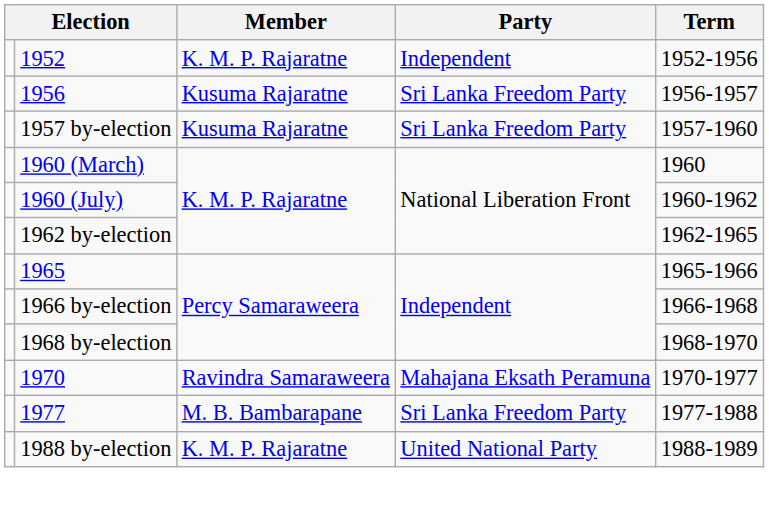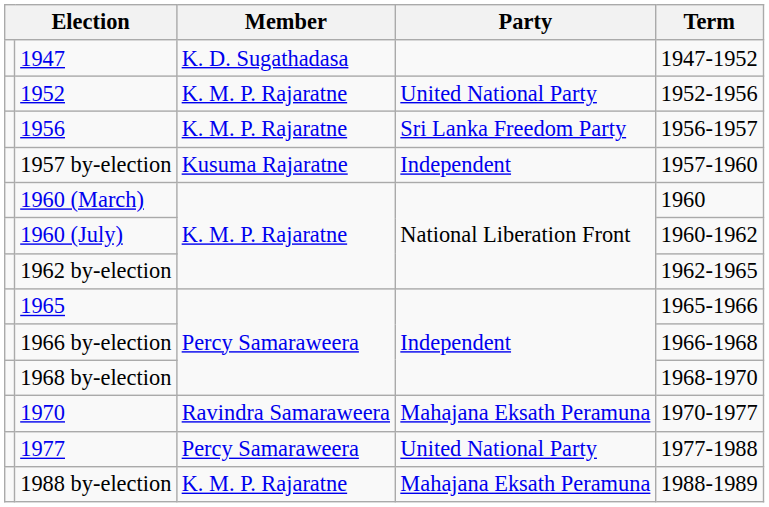 <table class="wikitable">
 <tr>
 <th colspan="2">Election</th>
 <th>Member</th>
 <th>Party</th>
 <th>Term</th>
 </tr>
 <tr>
 <td style="background-color: "></td>
+<td><a href='#'>1947</a></td>
+<td><a href='#'>K. D. Sugathadasa</a></td>
+<td></td>
+<td>1947-1952</td>
+</tr>
+<tr>
+<td style="background-color: "></td>
 <td><a href='#'>1952</a></td>
 <td><a href='#'>K. M. P. Rajaratne</a></td>
-<td><a href='#'>Independent</a></td>
+<td><a href='#'>United National Party</a></td>
 <td>1952-1956</td>
 </tr>
 <tr>
 <td style="background-color: "></td>
 <td><a href='#'>1956</a></td>
-<td><a href='#'>Kusuma Rajaratne</a></td>
+<td><a href='#'>K. M. P. Rajaratne</a></td>
 <td><a href='#'>Sri Lanka Freedom Party</a></td>
 <td>1956-1957</td>
 </tr>
 <tr>
 <td style="background-color: "></td>
 <td>1957 by-election</td>
 <td><a href='#'>Kusuma Rajaratne</a></td>
-<td><a href='#'>Sri Lanka Freedom Party</a></td>
+<td><a href='#'>Independent</a></td>
 <td>1957-1960</td>
 </tr>
 <tr>
 <td style="background-color: "></td>
 <td><a href='#'>1960 (March)</a></td>
 <td rowspan=3><a href='#'>K. M. P. Rajaratne</a></td>
 <td rowspan=3>National Liberation Front</td>
 <td>1960</td>
 </tr>
 <tr>
 <td style="background-color: "></td>
 <td><a href='#'>1960 (July)</a></td>
 <td>1960-1962</td>
 </tr>
 <tr>
 <td style="background-color: "></td>
 <td>1962 by-election</td>
 <td>1962-1965</td>
 </tr>
 <tr>
 <td style="background-color: "></td>
 <td><a href='#'>1965</a></td>
 <td rowspan=3><a href='#'>Percy Samaraweera</a></td>
 <td rowspan=3><a href='#'>Independent</a></td>
 <td>1965-1966</td>
 </tr>
 <tr>
 <td style="background-colour: "></td>
 <td>1966 by-election</td>
 <td>1966-1968</td>
 </tr>
 <tr>
 <td style="background-colour: "></td>
 <td>1968 by-election</td>
 <td>1968-1970</td>
 </tr>
 <tr>
 <td style="background-color: "></td>
 <td><a href='#'>1970</a></td>
 <td><a href='#'>Ravindra Samaraweera</a></td>
 <td><a href='#'>Mahajana Eksath Peramuna</a></td>
 <td>1970-1977</td>
 </tr>
 <tr>
 <td style="background-color: "></td>
 <td><a href='#'>1977</a></td>
-<td><a href='#'>M. B. Bambarapane</a></td>
-<td><a href='#'>Sri Lanka Freedom Party</a></td>
+<td><a href='#'>Percy Samaraweera</a></td>
+<td><a href='#'>United National Party</a></td>
 <td>1977-1988</td>
 </tr>
 <tr>
 <td style="background-color: "></td>
 <td>1988 by-election</td>
 <td><a href='#'>K. M. P. Rajaratne</a></td>
-<td><a href='#'>United National Party</a></td>
+<td><a href='#'>Mahajana Eksath Peramuna</a></td>
 <td>1988-1989 </td>
 </tr>
 </table>
